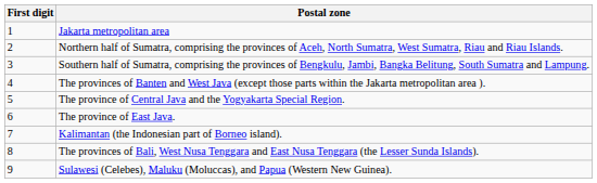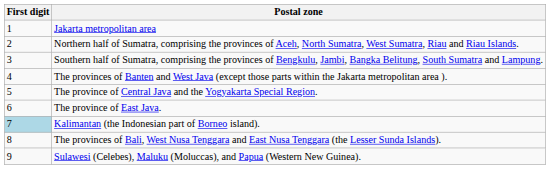 <table class="wikitable">
 <tr>
 <th>First digit</th>
 <th>Postal zone</th>
 </tr>
 <tr>
 <td>1</td>
 <td><a href='#'>Jakarta metropolitan area</a></td>
 </tr>
 <tr>
 <td>2</td>
 <td>Northern half of Sumatra, comprising the provinces of <a href='#'>Aceh</a>, <a href='#'>North Sumatra</a>, <a href='#'>West Sumatra</a>, <a href='#'>Riau</a> and <a href='#'>Riau Islands</a>.</td>
 </tr>
 <tr>
 <td>3</td>
 <td>Southern half of Sumatra, comprising the provinces of <a href='#'>Bengkulu</a>, <a href='#'>Jambi</a>, <a href='#'>Bangka Belitung</a>, <a href='#'>South Sumatra</a> and <a href='#'>Lampung</a>.</td>
 </tr>
 <tr>
 <td>4</td>
 <td>The provinces of <a href='#'>Banten</a> and <a href='#'>West Java</a> (except those parts within the Jakarta metropolitan area ).</td>
 </tr>
 <tr>
 <td>5</td>
 <td>The province of <a href='#'>Central Java</a> and the <a href='#'>Yogyakarta Special Region</a>.</td>
 </tr>
 <tr>
 <td>6</td>
 <td>The province of <a href='#'>East Java</a>.</td>
 </tr>
 <tr>
-<td>7</td>
+<td style="background: lightblue;">7</td>
 <td><a href='#'>Kalimantan</a> (the Indonesian part of <a href='#'>Borneo</a> island).</td>
 </tr>
 <tr>
 <td>8</td>
 <td>The provinces of <a href='#'>Bali</a>, <a href='#'>West Nusa Tenggara</a> and <a href='#'>East Nusa Tenggara</a> (the <a href='#'>Lesser Sunda Islands</a>).</td>
 </tr>
 <tr>
 <td>9</td>
 <td><a href='#'>Sulawesi</a> (Celebes), <a href='#'>Maluku</a> (Moluccas), and <a href='#'>Papua</a> (Western New Guinea).</td>
 </tr>
 </table>
